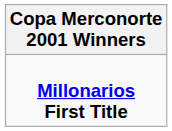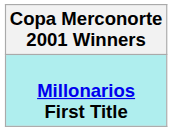 <table class="wikitable" style="text-align: center; margin: 0 auto;">
 <tr>
 <th>Copa Merconorte <br>2001 Winners</th>
 </tr>
 <tr>
-<td><br><strong><a href='#'>Millonarios</a></strong><br><strong>First Title</strong></td>
+<td style="background: paleturquoise;"><br><strong><a href='#'>Millonarios</a></strong><br><strong>First Title</strong></td>
 </tr>
 </table>
